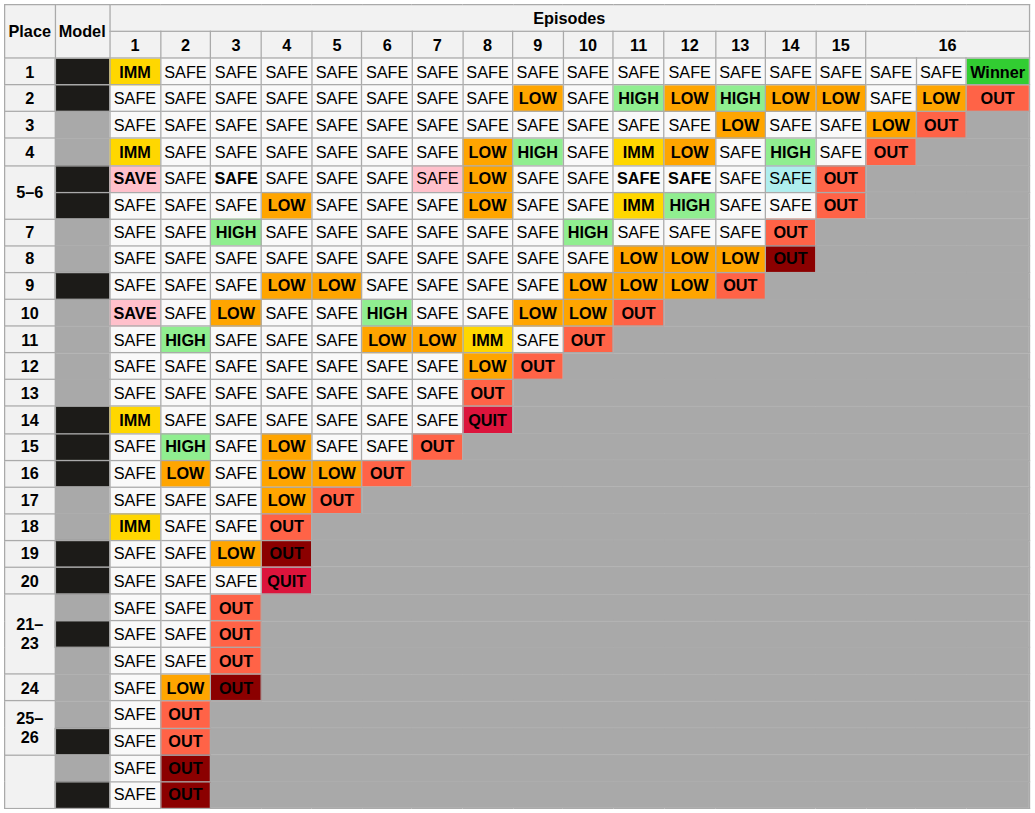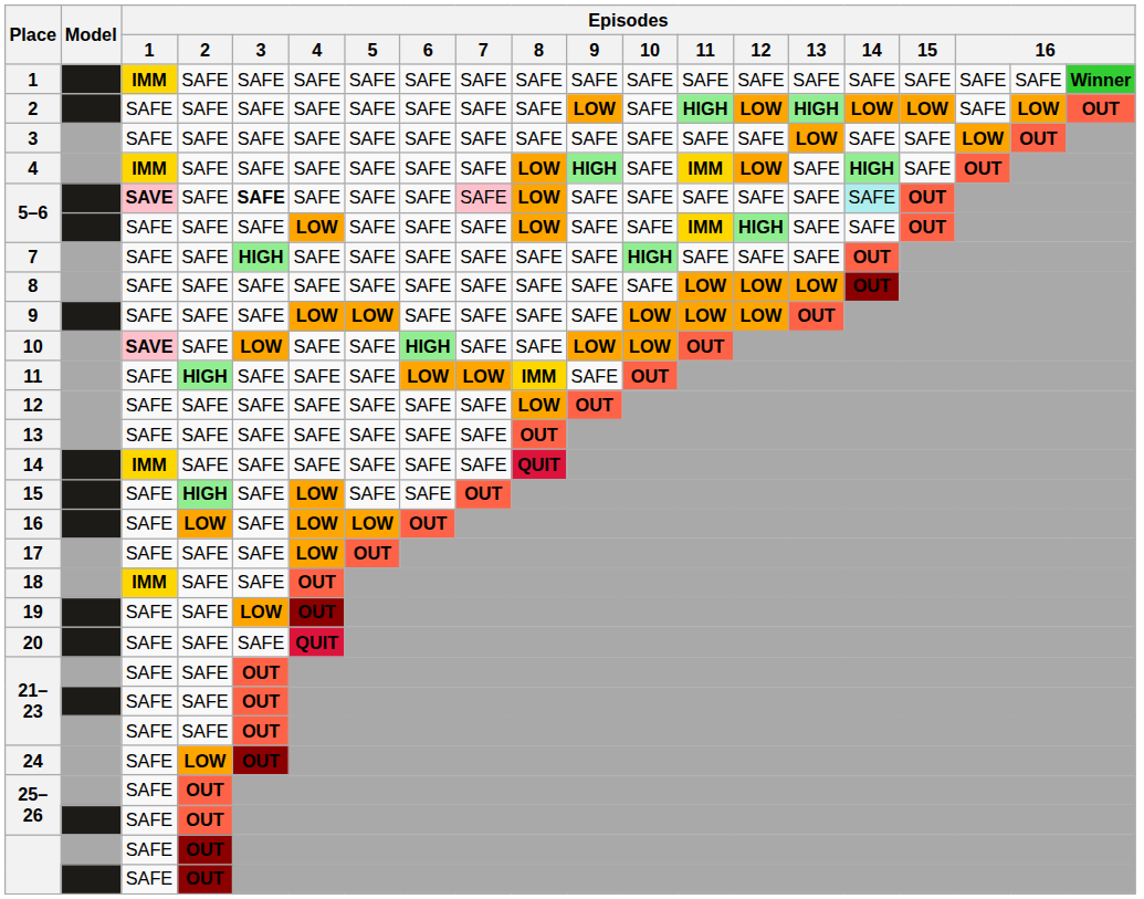 <table class="wikitable" style="width:50%; text-align:center; font-size:80%;">
 <tr>
 <th rowspan="2">Place</th>
 <th rowspan="2">Model</th>
 <th colspan="20">Episodes</th>
 </tr>
 <tr>
 <th>1</th>
 <th>2</th>
 <th>3</th>
 <th>4</th>
 <th>5</th>
 <th>6</th>
 <th>7</th>
 <th>8</th>
 <th>9</th>
 <th>10</th>
 <th>11</th>
 <th>12</th>
 <th>13</th>
 <th>14</th>
 <th>15</th>
 <th colspan="3">16</th>
 </tr>
 <tr>
 <th>1</th>
 <td bgcolor="#1c1b18"></td>
 <td style=" background:gold;"><strong>IMM</strong></td>
 <td>SAFE</td>
 <td>SAFE</td>
 <td>SAFE</td>
 <td>SAFE</td>
 <td>SAFE</td>
 <td>SAFE</td>
 <td>SAFE</td>
 <td>SAFE</td>
 <td>SAFE</td>
 <td>SAFE</td>
 <td>SAFE</td>
 <td>SAFE</td>
 <td>SAFE</td>
 <td>SAFE</td>
 <td>SAFE</td>
 <td>SAFE</td>
 <td style="background:limegreen;"><strong>Winner</strong></td>
 </tr>
 <tr>
 <th>2</th>
 <td bgcolor="#1c1b18"></td>
 <td>SAFE</td>
 <td>SAFE</td>
 <td>SAFE</td>
 <td>SAFE</td>
 <td>SAFE</td>
 <td>SAFE</td>
 <td>SAFE</td>
 <td>SAFE</td>
 <td bgcolor="orange"><strong>LOW</strong></td>
 <td>SAFE</td>
 <td bgcolor="lightgreen"><strong>HIGH</strong></td>
 <td bgcolor="orange"><strong>LOW</strong></td>
 <td bgcolor="lightgreen"><strong>HIGH</strong></td>
 <td bgcolor="orange"><strong>LOW</strong></td>
 <td bgcolor="orange"><strong>LOW</strong></td>
 <td>SAFE</td>
 <td bgcolor="orange"><strong>LOW</strong></td>
 <td style="background:tomato;"><strong>OUT</strong></td>
 </tr>
 <tr>
 <th>3</th>
 <td bgcolor="darkgray"></td>
 <td>SAFE</td>
 <td>SAFE</td>
 <td>SAFE</td>
 <td>SAFE</td>
 <td>SAFE</td>
 <td>SAFE</td>
 <td>SAFE</td>
 <td>SAFE</td>
 <td>SAFE</td>
 <td>SAFE</td>
 <td>SAFE</td>
 <td>SAFE</td>
 <td bgcolor="orange"><strong>LOW</strong></td>
 <td>SAFE</td>
 <td>SAFE</td>
 <td bgcolor="orange"><strong>LOW</strong></td>
 <td style="background:tomato;"><strong>OUT</strong></td>
 <td colspan="25" style="background:darkgrey"></td>
 </tr>
 <tr>
 <th>4</th>
 <td bgcolor="darkgray"></td>
 <td style=" background:gold;"><strong>IMM</strong></td>
 <td>SAFE</td>
 <td>SAFE</td>
 <td>SAFE</td>
 <td>SAFE</td>
 <td>SAFE</td>
 <td>SAFE</td>
 <td bgcolor="orange"><strong>LOW</strong></td>
 <td bgcolor="lightgreen"><strong>HIGH</strong></td>
 <td>SAFE</td>
 <td style=" background:gold;"><strong>IMM</strong></td>
 <td bgcolor="orange"><strong>LOW</strong></td>
 <td>SAFE</td>
 <td bgcolor="lightgreen"><strong>HIGH</strong></td>
 <td>SAFE</td>
 <td style="background:tomato;"><strong>OUT</strong></td>
 <td colspan="25" style="background:darkgrey"></td>
 </tr>
 <tr>
 <th rowspan="2">5–6</th>
 <td bgcolor="#1c1b18"></td>
 <td style="background:pink;"><strong>SAVE</strong></td>
 <td>SAFE</td>
 <td><strong>SAFE</strong></td>
 <td>SAFE</td>
 <td>SAFE</td>
 <td>SAFE</td>
 <td style="background: pink;">SAFE</td>
 <td bgcolor="orange"><strong>LOW</strong></td>
 <td>SAFE</td>
 <td>SAFE</td>
-<td><strong>SAFE</strong></td>
-<td><strong>SAFE</strong></td>
+<td>SAFE</td>
+<td>SAFE</td>
 <td>SAFE</td>
 <td style="background: paleturquoise;">SAFE</td>
 <td style="background:tomato;"><strong>OUT</strong></td>
 <td colspan="25" style="background:darkgrey"></td>
 </tr>
 <tr>
 <td bgcolor="#1c1b18"></td>
 <td>SAFE</td>
 <td>SAFE</td>
 <td>SAFE</td>
 <td bgcolor="orange"><strong>LOW</strong></td>
 <td>SAFE</td>
 <td>SAFE</td>
 <td>SAFE</td>
 <td bgcolor="orange"><strong>LOW</strong></td>
 <td>SAFE</td>
 <td>SAFE</td>
 <td style=" background:gold;"><strong>IMM</strong></td>
 <td bgcolor="lightgreen"><strong>HIGH</strong></td>
 <td>SAFE</td>
 <td>SAFE</td>
 <td style="background:tomato;"><strong>OUT</strong></td>
 <td colspan="25" style="background:darkgrey"></td>
 </tr>
 <tr>
 <th>7</th>
 <td bgcolor="darkgray"></td>
 <td>SAFE</td>
 <td>SAFE</td>
 <td bgcolor="lightgreen"><strong>HIGH</strong></td>
 <td>SAFE</td>
 <td>SAFE</td>
 <td>SAFE</td>
 <td>SAFE</td>
 <td>SAFE</td>
 <td>SAFE</td>
 <td bgcolor="lightgreen"><strong>HIGH</strong></td>
 <td>SAFE</td>
 <td>SAFE</td>
 <td>SAFE</td>
 <td bgcolor="tomato"><strong>OUT</strong></td>
 <td colspan="25" style="background:darkgrey"></td>
 </tr>
 <tr>
 <th>8</th>
 <td bgcolor="darkgray"></td>
 <td>SAFE</td>
 <td>SAFE</td>
 <td>SAFE</td>
 <td>SAFE</td>
 <td>SAFE</td>
 <td>SAFE</td>
 <td>SAFE</td>
 <td>SAFE</td>
 <td>SAFE</td>
 <td>SAFE</td>
 <td bgcolor="orange"><strong>LOW</strong></td>
 <td bgcolor="orange"><strong>LOW</strong></td>
 <td bgcolor="orange"><strong>LOW</strong></td>
 <td style="background:darkred;"><span><strong>OUT</strong></span></td>
 <td colspan="25" style="background:darkgrey"></td>
 </tr>
 <tr>
 <th>9</th>
 <td bgcolor="#1c1b18"></td>
 <td>SAFE</td>
 <td>SAFE</td>
 <td>SAFE</td>
 <td bgcolor="orange"><strong>LOW</strong></td>
 <td bgcolor="orange"><strong>LOW</strong></td>
 <td>SAFE</td>
 <td>SAFE</td>
 <td>SAFE</td>
 <td>SAFE</td>
 <td bgcolor="orange"><strong>LOW</strong></td>
 <td bgcolor="orange"><strong>LOW</strong></td>
 <td bgcolor="orange"><strong>LOW</strong></td>
 <td bgcolor="tomato"><strong>OUT</strong></td>
 <td colspan="25" style="background:darkgrey"></td>
 </tr>
 <tr>
 <th>10</th>
 <td bgcolor="darkgray"></td>
 <td style="background:pink;"><strong>SAVE</strong></td>
 <td>SAFE</td>
 <td bgcolor="orange"><strong>LOW</strong></td>
 <td>SAFE</td>
 <td>SAFE</td>
 <td bgcolor="lightgreen"><strong>HIGH</strong></td>
 <td>SAFE</td>
 <td>SAFE</td>
 <td bgcolor="orange"><strong>LOW</strong></td>
 <td bgcolor="orange"><strong>LOW</strong></td>
 <td bgcolor="tomato"><strong>OUT</strong></td>
 <td colspan="25" style="background:darkgrey"></td>
 </tr>
 <tr>
 <th>11</th>
 <td bgcolor="darkgray"></td>
 <td>SAFE</td>
 <td bgcolor="lightgreen"><strong>HIGH</strong></td>
 <td>SAFE</td>
 <td>SAFE</td>
 <td>SAFE</td>
 <td bgcolor="orange"><strong>LOW</strong></td>
 <td bgcolor="orange"><strong>LOW</strong></td>
 <td style=" background:gold;"><strong>IMM</strong></td>
 <td>SAFE</td>
 <td bgcolor="tomato"><strong>OUT</strong></td>
 <td colspan="25" style="background:darkgrey"></td>
 </tr>
 <tr>
 <th>12</th>
 <td bgcolor="darkgray"></td>
 <td>SAFE</td>
 <td>SAFE</td>
 <td>SAFE</td>
 <td>SAFE</td>
 <td>SAFE</td>
 <td>SAFE</td>
 <td>SAFE</td>
 <td bgcolor="orange"><strong>LOW</strong></td>
 <td bgcolor="tomato"><strong>OUT</strong></td>
 <td colspan="25" style="background:darkgrey"></td>
 </tr>
 <tr>
 <th>13</th>
 <td bgcolor="darkgray"></td>
 <td>SAFE</td>
 <td>SAFE</td>
 <td>SAFE</td>
 <td>SAFE</td>
 <td>SAFE</td>
 <td>SAFE</td>
 <td>SAFE</td>
 <td bgcolor="tomato"><strong>OUT</strong></td>
 <td colspan="25" style="background:darkgrey"></td>
 </tr>
 <tr>
 <th>14</th>
 <td bgcolor="#1c1b18"></td>
 <td style=" background:gold;"><strong>IMM</strong></td>
 <td>SAFE</td>
 <td>SAFE</td>
 <td>SAFE</td>
 <td>SAFE</td>
 <td>SAFE</td>
 <td>SAFE</td>
 <td style="background:crimson;"><span><strong>QUIT</strong></span></td>
 <td colspan="25" style="background:darkgrey"></td>
 </tr>
 <tr>
 <th>15</th>
 <td bgcolor="#1c1b18"></td>
 <td>SAFE</td>
 <td bgcolor="lightgreen"><strong>HIGH</strong></td>
 <td>SAFE</td>
 <td bgcolor="orange"><strong>LOW</strong></td>
 <td>SAFE</td>
 <td>SAFE</td>
 <td bgcolor="tomato"><strong>OUT</strong></td>
 <td colspan="25" style="background:darkgrey"></td>
 </tr>
 <tr>
 <th>16</th>
 <td bgcolor="#1c1b18"></td>
 <td>SAFE</td>
 <td bgcolor="orange"><strong>LOW</strong></td>
 <td>SAFE</td>
 <td bgcolor="orange"><strong>LOW</strong></td>
 <td bgcolor="orange"><strong>LOW</strong></td>
 <td bgcolor="tomato"><strong>OUT</strong></td>
 <td colspan="25" style="background:darkgrey"></td>
 </tr>
 <tr>
 <th>17</th>
 <td bgcolor="darkgray"></td>
 <td>SAFE</td>
 <td>SAFE</td>
 <td>SAFE</td>
 <td bgcolor="orange"><strong>LOW</strong></td>
 <td bgcolor="tomato"><strong>OUT</strong></td>
 <td colspan="25" style="background:darkgrey"></td>
 </tr>
 <tr>
 <th>18</th>
 <td bgcolor="darkgray"></td>
 <td style=" background:gold;"><strong>IMM</strong></td>
 <td>SAFE</td>
 <td>SAFE</td>
 <td style="background:tomato;"><strong>OUT</strong></td>
 <td colspan="25" style="background:darkgrey"></td>
 </tr>
 <tr>
 <th>19</th>
 <td bgcolor="#1c1b18"></td>
 <td>SAFE</td>
 <td>SAFE</td>
 <td bgcolor="orange"><strong>LOW</strong></td>
 <td style="background:darkred;"><span><strong>OUT</strong></span></td>
 <td colspan="25" style="background:darkgrey"></td>
 </tr>
 <tr>
 <th>20</th>
 <td bgcolor="#1c1b18"></td>
 <td>SAFE</td>
 <td>SAFE</td>
 <td>SAFE</td>
 <td style="background:crimson;"><span><strong>QUIT</strong></span></td>
 <td colspan="25" style="background:darkgrey"></td>
 </tr>
 <tr>
 <th rowspan="3">21–23</th>
 <td bgcolor="darkgray"></td>
 <td>SAFE</td>
 <td>SAFE</td>
 <td style="background:tomato;"><strong>OUT</strong></td>
 <td colspan="25" style="background:darkgrey"></td>
 </tr>
 <tr>
 <td bgcolor="#1c1b18"></td>
 <td>SAFE</td>
 <td>SAFE</td>
 <td style="background:tomato;"><strong>OUT</strong></td>
 <td colspan="25" style="background:darkgrey"></td>
 </tr>
 <tr>
 <td bgcolor="darkgray"></td>
 <td>SAFE</td>
 <td>SAFE</td>
 <td style="background:tomato;"><strong>OUT</strong></td>
 <td colspan="25" style="background:darkgrey"></td>
 </tr>
 <tr>
 <th>24</th>
 <td bgcolor="darkgray"></td>
 <td>SAFE</td>
 <td bgcolor="orange"><strong>LOW</strong></td>
 <td style="background:darkred;"><span><strong>OUT</strong></span></td>
 <td colspan="25" style="background:darkgrey"></td>
 </tr>
 <tr>
 <th rowspan="2">25–26</th>
 <td bgcolor="darkgray"></td>
 <td>SAFE</td>
 <td style="background:tomato;"><strong>OUT</strong></td>
 <td colspan="25" style="background:darkgrey"></td>
 </tr>
 <tr>
 <td bgcolor="#1c1b18"></td>
 <td>SAFE</td>
 <td style="background:tomato;"><strong>OUT</strong></td>
 <td colspan="25" style="background:darkgrey"></td>
 </tr>
 <tr>
 <th rowspan="2"></th>
 <td bgcolor="darkgray"></td>
 <td>SAFE</td>
 <td style="background:darkred;"><span><strong>OUT</strong></span></td>
 <td colspan="25" style="background:darkgrey"></td>
 </tr>
 <tr>
 <td bgcolor="#1c1b18"></td>
 <td>SAFE</td>
 <td style="background:darkred;"><span><strong>OUT</strong></span></td>
 <td colspan="25" style="background:darkgrey"></td>
 </tr>
 </table>
